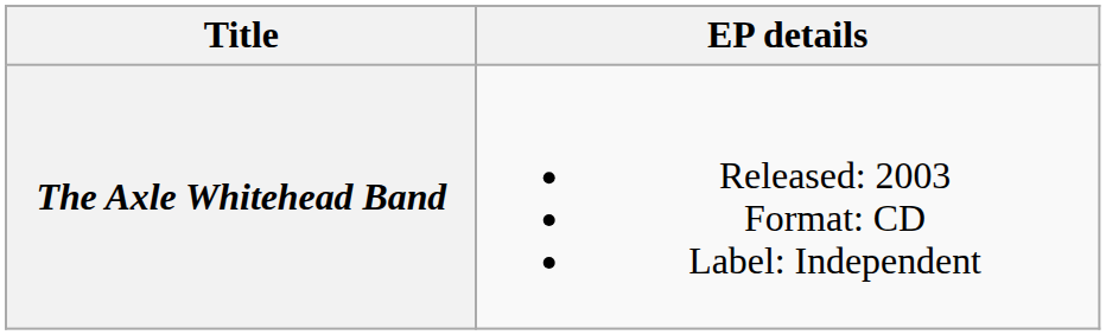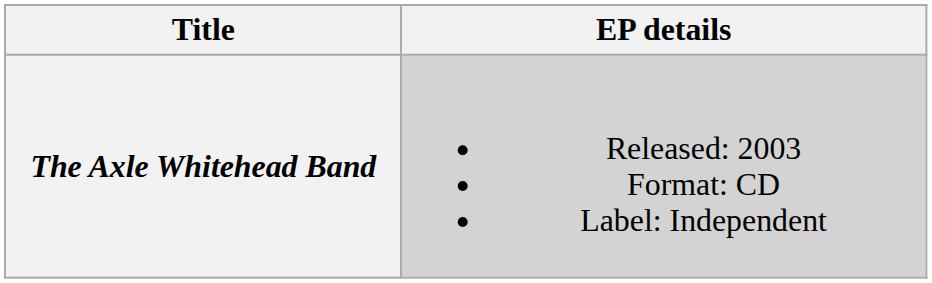 <table class="wikitable plainrowheaders" style="text-align:center;">
 <tr>
 <th scope="col" style="width:12em;">Title</th>
 <th scope="col" style="width:16em;">EP details</th>
 </tr>
 <tr>
 <th scope="row"><em>The Axle Whitehead Band</em></th>
-<td><br><ul><li>Released: 2003</li><li>Format: CD</li><li>Label: Independent</li></ul></td>
+<td style="background: lightgrey;"><br><ul><li>Released: 2003</li><li>Format: CD</li><li>Label: Independent</li></ul></td>
 </tr>
 </table>
